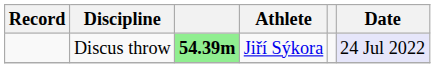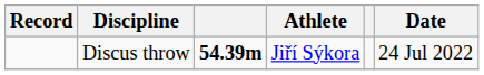 <table class="wikitable">
 <tr>
 <th>Record</th>
 <th>Discipline</th>
 <th></th>
 <th>Athlete</th>
 <th></th>
 <th>Date</th>
 </tr>
 <tr>
 <td><strong> </strong></td>
 <td>Discus throw</td>
-<td style="background: lightgreen;"><strong>54.39m</strong></td>
+<td><strong>54.39m</strong></td>
 <td><a href='#'>Jiří Sýkora</a></td>
 <td></td>
-<td style="background: lavender;">24 Jul 2022</td>
+<td>24 Jul 2022</td>
 </tr>
 <tr>
 </tr>
 </table>
